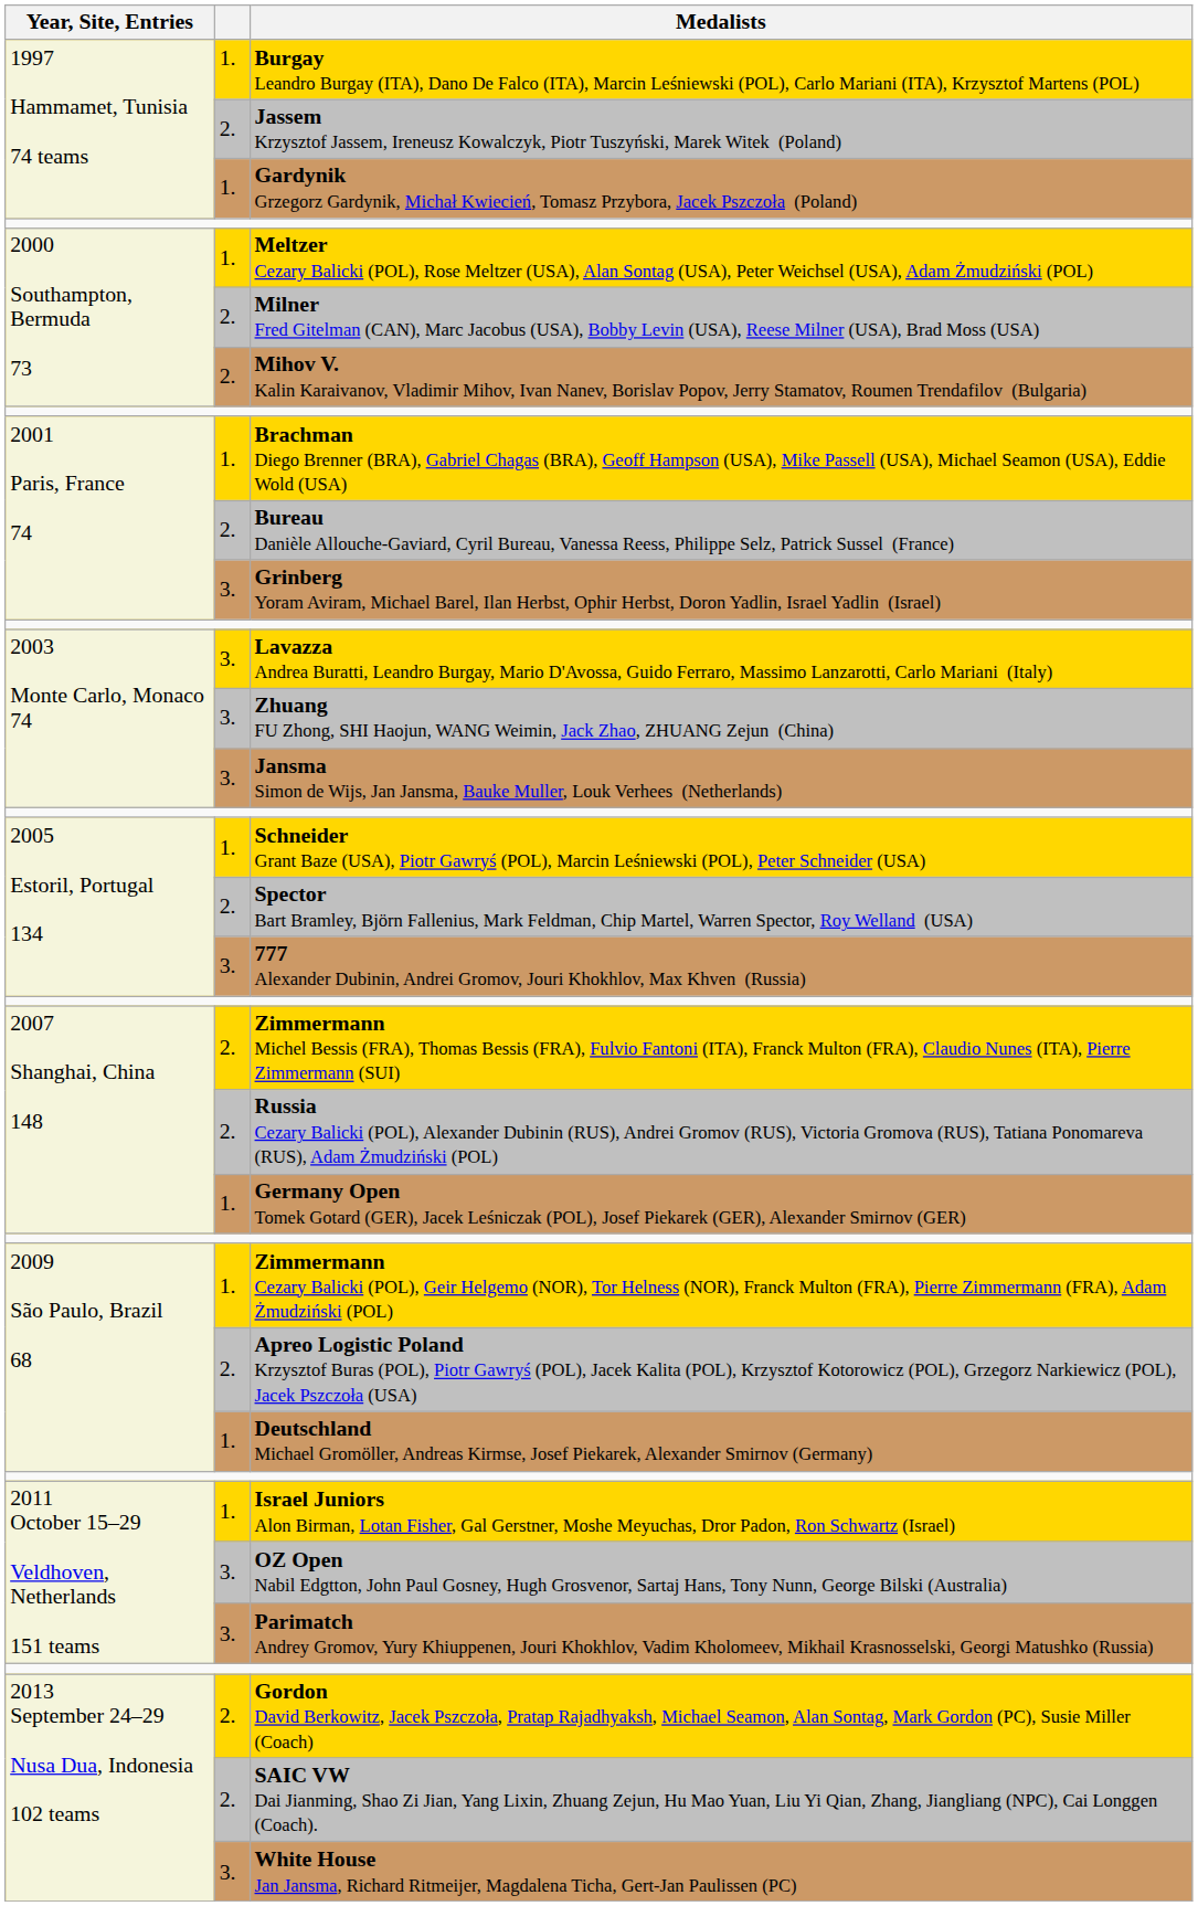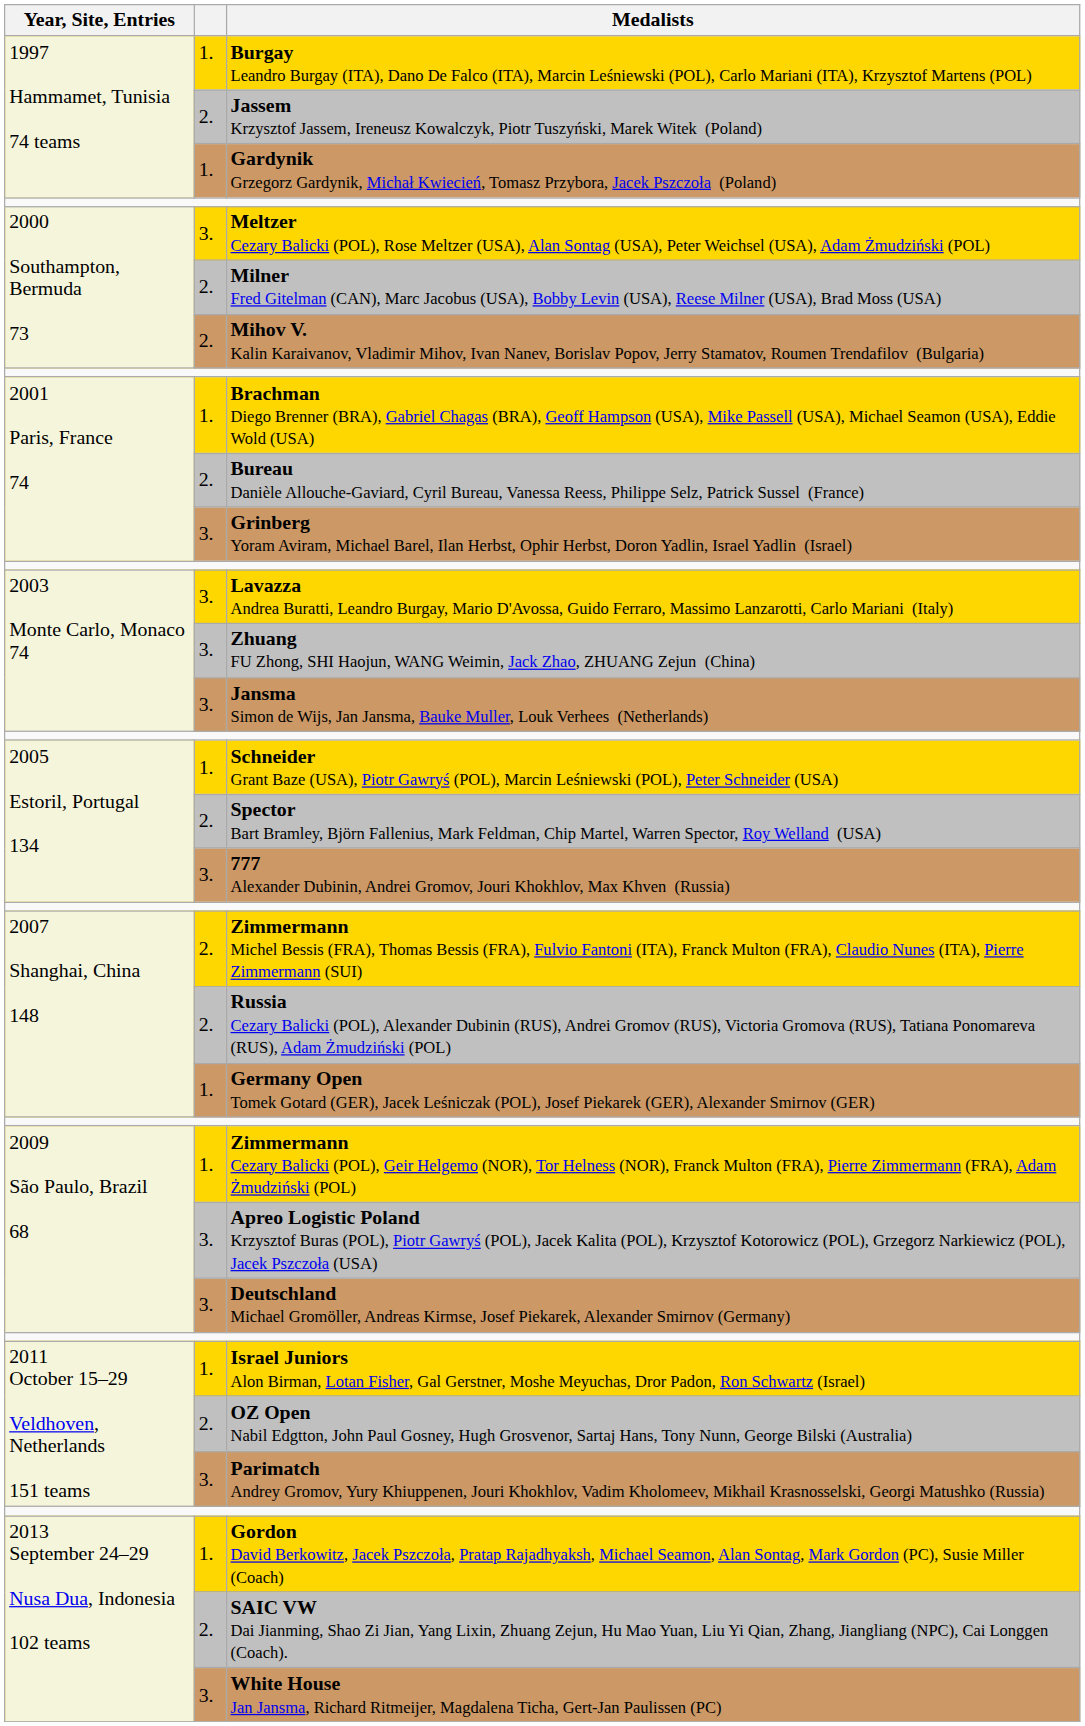 <table class=wikitable>
 <tr>
 <th>Year, Site, Entries</th>
 <th></th>
 <th>Medalists</th>
 </tr>
 <tr bgcolor="gold">
 <td rowspan="3" bgcolor="beige" valign="Top">1997 <br><br>Hammamet, Tunisia <br> <br>74 teams</td>
 <td>1.  </td>
 <td>  <strong>Burgay</strong> <br><small>Leandro Burgay (ITA), Dano De Falco (ITA), Marcin Leśniewski (POL), Carlo Mariani (ITA), Krzysztof Martens (POL)</small></td>
 </tr>
 <tr bgcolor="silver">
 <td>2.</td>
 <td> <strong>Jassem</strong> <br><small>Krzysztof Jassem, Ireneusz Kowalczyk, Piotr Tuszyński, Marek Witek  (Poland)</small></td>
 </tr>
 <tr bgcolor="cc9966">
 <td>1.</td>
 <td> <strong>Gardynik</strong> <br><small>Grzegorz Gardynik, <a href='#'>Michał Kwiecień</a>, Tomasz Przybora, <a href='#'>Jacek Pszczoła</a>  (Poland)</small></td>
 </tr>
 <tr>
 <td colspan=3></td>
 </tr>
 <tr bgcolor="gold">
 <td rowspan="3" bgcolor="beige" valign="Top">2000 <br><br>Southampton, Bermuda   <br> <br>73</td>
-<td>1.</td>
+<td>3.</td>
 <td>  <strong>Meltzer</strong> <br><small><a href='#'>Cezary Balicki</a> (POL), Rose Meltzer (USA), <a href='#'>Alan Sontag</a> (USA), Peter Weichsel (USA), <a href='#'>Adam Żmudziński</a> (POL)</small></td>
 </tr>
 <tr bgcolor="silver">
 <td>2.</td>
 <td>  <strong>Milner</strong> <br><small><a href='#'>Fred Gitelman</a> (CAN), Marc Jacobus (USA), <a href='#'>Bobby Levin</a> (USA), <a href='#'>Reese Milner</a> (USA), Brad Moss (USA)</small></td>
 </tr>
 <tr bgcolor="cc9966">
 <td>2.</td>
 <td> <strong>Mihov V.</strong> <br><small>Kalin Karaivanov, Vladimir Mihov, Ivan Nanev, Borislav Popov, Jerry Stamatov, Roumen Trendafilov  (Bulgaria)</small></td>
 </tr>
 <tr>
 <td colspan=3></td>
 </tr>
 <tr bgcolor="gold">
 <td rowspan="3" bgcolor="beige" valign="Top">2001 <br><br>Paris, France <br> <br>74</td>
 <td>1.</td>
 <td>  <strong>Brachman</strong> <br><small>Diego Brenner (BRA), <a href='#'>Gabriel Chagas</a> (BRA), <a href='#'>Geoff Hampson</a> (USA), <a href='#'>Mike Passell</a> (USA), Michael Seamon (USA), Eddie Wold (USA)</small></td>
 </tr>
 <tr bgcolor="silver">
 <td>2.</td>
 <td> <strong>Bureau</strong> <br><small>Danièle Allouche-Gaviard, Cyril Bureau, Vanessa Reess, Philippe Selz, Patrick Sussel  (France)</small></td>
 </tr>
 <tr bgcolor="cc9966">
 <td>3.</td>
 <td> <strong>Grinberg</strong> <br><small>Yoram Aviram, Michael Barel, Ilan Herbst, Ophir Herbst, Doron Yadlin, Israel Yadlin  (Israel)</small></td>
 </tr>
 <tr>
 <td colspan=3></td>
 </tr>
 <tr bgcolor="gold">
 <td rowspan="3" bgcolor="beige" valign="Top">2003 <br><br>Monte Carlo, Monaco<br>74</td>
 <td>3.</td>
 <td> <strong>Lavazza</strong> <br><small>Andrea Buratti, Leandro Burgay, Mario D'Avossa, Guido Ferraro, Massimo Lanzarotti, Carlo Mariani  (Italy)</small></td>
 </tr>
 <tr bgcolor="silver">
 <td>3.</td>
 <td> <strong>Zhuang</strong> <br><small>FU Zhong, SHI Haojun, WANG Weimin, <a href='#'>Jack Zhao</a>, ZHUANG Zejun  (China)</small></td>
 </tr>
 <tr bgcolor="cc9966">
 <td>3.</td>
 <td> <strong>Jansma</strong> <br><small>Simon de Wijs, Jan Jansma, <a href='#'>Bauke Muller</a>, Louk Verhees  (Netherlands)</small></td>
 </tr>
 <tr>
 <td colspan=3></td>
 </tr>
 <tr bgcolor="gold">
 <td rowspan="3" bgcolor="beige" valign="Top">2005 <br><br>Estoril, Portugal <br> <br>134</td>
 <td>1.</td>
 <td>  <strong>Schneider</strong> <br><small>Grant Baze (USA), <a href='#'>Piotr Gawryś</a> (POL), Marcin Leśniewski (POL), <a href='#'>Peter Schneider</a> (USA)</small></td>
 </tr>
 <tr bgcolor="silver">
 <td>2.</td>
 <td> <strong>Spector</strong> <br><small>Bart Bramley, Björn Fallenius, Mark Feldman, Chip Martel, Warren Spector, <a href='#'>Roy Welland</a>  (USA)</small></td>
 </tr>
 <tr bgcolor="cc9966">
 <td>3.</td>
 <td> <strong>777</strong> <br><small>Alexander Dubinin, Andrei Gromov, Jouri Khokhlov, Max Khven  (Russia)</small></td>
 </tr>
 <tr>
 <td colspan=3></td>
 </tr>
 <tr bgcolor="gold">
 <td rowspan="3" bgcolor="beige" valign="Top">2007 <br><br>Shanghai, China <br> <br>148</td>
 <td>2.</td>
 <td>   <strong>Zimmermann</strong> <br><small>Michel Bessis (FRA), Thomas Bessis (FRA), <a href='#'>Fulvio Fantoni</a> (ITA), Franck Multon (FRA), <a href='#'>Claudio Nunes</a> (ITA), <a href='#'>Pierre Zimmermann</a> (SUI)</small></td>
 </tr>
 <tr bgcolor="silver">
 <td>2.</td>
 <td>  <strong>Russia</strong> <br><small><a href='#'>Cezary Balicki</a> (POL), Alexander Dubinin (RUS), Andrei Gromov (RUS), Victoria Gromova (RUS), Tatiana Ponomareva (RUS), <a href='#'>Adam Żmudziński</a> (POL) </small></td>
 </tr>
 <tr bgcolor="cc9966">
 <td>1.</td>
 <td>  <strong>Germany Open</strong> <br><small>Tomek Gotard (GER), Jacek Leśniczak (POL), Josef Piekarek (GER), Alexander Smirnov (GER)</small></td>
 </tr>
 <tr>
 <td colspan=3></td>
 </tr>
 <tr bgcolor="gold">
 <td rowspan="3" bgcolor="beige" valign="Top">2009 <br><br>São Paulo, Brazil <br> <br>68</td>
 <td>1.</td>
 <td>   <strong>Zimmermann</strong> <br><small><a href='#'>Cezary Balicki</a> (POL), <a href='#'>Geir Helgemo</a> (NOR), <a href='#'>Tor Helness</a> (NOR), Franck Multon (FRA), <a href='#'>Pierre Zimmermann</a> (FRA), <a href='#'>Adam Żmudziński</a> (POL)</small></td>
 </tr>
 <tr bgcolor="silver">
-<td>2.</td>
+<td>3.</td>
 <td>  <strong>Apreo Logistic Poland</strong> <br><small>Krzysztof Buras (POL), <a href='#'>Piotr Gawryś</a> (POL), Jacek Kalita (POL), Krzysztof Kotorowicz (POL), Grzegorz Narkiewicz (POL), <a href='#'>Jacek Pszczoła</a> (USA)</small></td>
 </tr>
 <tr bgcolor="cc9966">
-<td>1.</td>
+<td>3.</td>
 <td> <strong>Deutschland</strong> <br><small>Michael Gromöller, Andreas Kirmse, Josef Piekarek, Alexander Smirnov (Germany)</small></td>
 </tr>
 <tr>
 <td colspan=3></td>
 </tr>
 <tr bgcolor="gold">
 <td rowspan="3" bgcolor="beige" valign="Top">2011 <br>October 15–29  <br> <br><a href='#'>Veldhoven</a>, Netherlands <br> <br>151 teams</td>
 <td>1.</td>
 <td> <strong>Israel Juniors</strong> <br><small>Alon Birman, <a href='#'>Lotan Fisher</a>, Gal Gerstner, Moshe Meyuchas, Dror Padon, <a href='#'>Ron Schwartz</a> (Israel)</small></td>
 </tr>
 <tr bgcolor="silver">
-<td>3.</td>
+<td>2.</td>
 <td> <strong>OZ Open</strong> <br><small>Nabil Edgtton, John Paul Gosney, Hugh Grosvenor, Sartaj Hans, Tony Nunn, George Bilski (Australia)</small></td>
 </tr>
 <tr bgcolor="cc9966">
 <td>3.</td>
 <td> <strong>Parimatch</strong> <br><small>Andrey Gromov, Yury Khiuppenen, Jouri Khokhlov, Vadim Kholomeev, Mikhail Krasnosselski, Georgi Matushko (Russia)</small></td>
 </tr>
 <tr>
 <td colspan=3></td>
 </tr>
 <tr bgcolor="gold">
 <td rowspan="3" bgcolor="beige" valign="Top">2013 <br>September 24–29  <br> <br><a href='#'>Nusa Dua</a>, Indonesia <br> <br>102 teams</td>
-<td>2.</td>
+<td>1.</td>
 <td> <strong>Gordon</strong> <br><small><a href='#'>David Berkowitz</a>, <a href='#'>Jacek Pszczoła</a>, <a href='#'>Pratap Rajadhyaksh</a>, <a href='#'>Michael Seamon</a>, <a href='#'>Alan Sontag</a>, <a href='#'>Mark Gordon</a> (PC), Susie Miller (Coach)</small></td>
 </tr>
 <tr bgcolor="silver">
 <td>2.</td>
 <td> <strong>SAIC VW</strong> <br><small>Dai Jianming, Shao Zi Jian, Yang Lixin, Zhuang Zejun, Hu Mao Yuan, Liu Yi Qian, Zhang, Jiangliang (NPC), Cai Longgen (Coach).</small></td>
 </tr>
 <tr bgcolor="cc9966">
 <td>3.</td>
 <td> <strong>White House</strong> <br><small><a href='#'>Jan Jansma</a>, Richard Ritmeijer, Magdalena Ticha, Gert-Jan Paulissen (PC)</small></td>
 </tr>
 <tr>
 </tr>
 </table>
